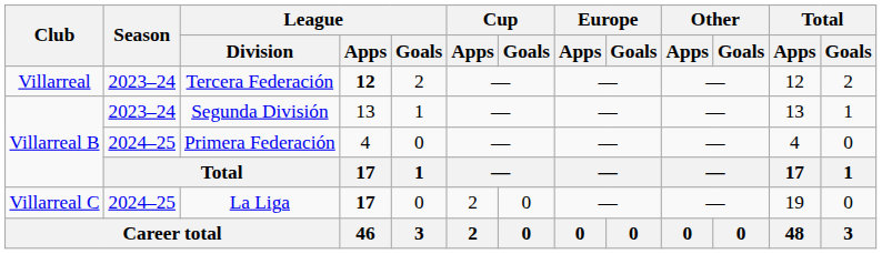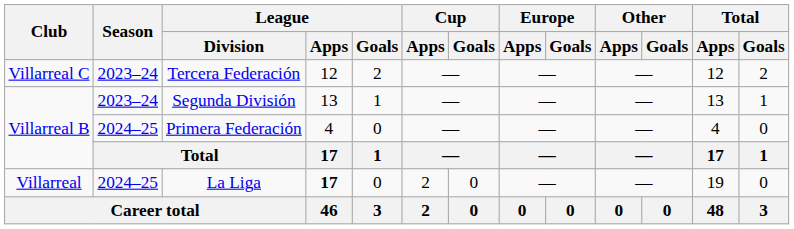 <table class="wikitable" style="text-align:center">
 <tr>
 <th rowspan="2">Club</th>
 <th rowspan="2">Season</th>
 <th colspan="3">League</th>
 <th colspan="2">Cup</th>
 <th colspan="2">Europe</th>
 <th colspan="2">Other</th>
 <th colspan="2">Total</th>
 </tr>
 <tr>
 <th>Division</th>
 <th>Apps</th>
 <th>Goals</th>
 <th>Apps</th>
 <th>Goals</th>
 <th>Apps</th>
 <th>Goals</th>
 <th>Apps</th>
 <th>Goals</th>
 <th>Apps</th>
 <th>Goals</th>
 </tr>
 <tr>
-<td><a href='#'>Villarreal</a></td>
+<td><a href='#'>Villarreal C</a></td>
 <td><a href='#'>2023–24</a></td>
 <td><a href='#'>Tercera Federación</a></td>
-<td><strong>12</strong></td>
+<td>12</td>
 <td>2</td>
 <td colspan="2">—</td>
 <td colspan="2">—</td>
 <td colspan="2">—</td>
 <td>12</td>
 <td>2</td>
 </tr>
 <tr>
 <td rowspan="3"><a href='#'>Villarreal B</a></td>
 <td><a href='#'>2023–24</a></td>
 <td><a href='#'>Segunda División</a></td>
 <td>13</td>
 <td>1</td>
 <td colspan="2">—</td>
 <td colspan="2">—</td>
 <td colspan="2">—</td>
 <td>13</td>
 <td>1</td>
 </tr>
 <tr>
 <td><a href='#'>2024–25</a></td>
 <td><a href='#'>Primera Federación</a></td>
 <td>4</td>
 <td>0</td>
 <td colspan="2">—</td>
 <td colspan="2">—</td>
 <td colspan="2">—</td>
 <td>4</td>
 <td>0</td>
 </tr>
 <tr>
 <th colspan="2">Total</th>
 <th>17</th>
 <th>1</th>
 <th colspan="2">—</th>
 <th colspan="2">—</th>
 <th colspan="2">—</th>
 <th>17</th>
 <th>1</th>
 </tr>
 <tr>
-<td><a href='#'>Villarreal C</a></td>
+<td><a href='#'>Villarreal</a></td>
 <td><a href='#'>2024–25</a></td>
 <td><a href='#'>La Liga</a></td>
 <td><strong>17</strong></td>
 <td>0</td>
 <td>2</td>
 <td>0</td>
 <td colspan="2">—</td>
 <td colspan="2">—</td>
 <td>19</td>
 <td>0</td>
 </tr>
 <tr>
 <th colspan="3">Career total</th>
 <th>46</th>
 <th>3</th>
 <th>2</th>
 <th>0</th>
 <th>0</th>
 <th>0</th>
 <th>0</th>
 <th>0</th>
 <th>48</th>
 <th>3</th>
 </tr>
 </table>
